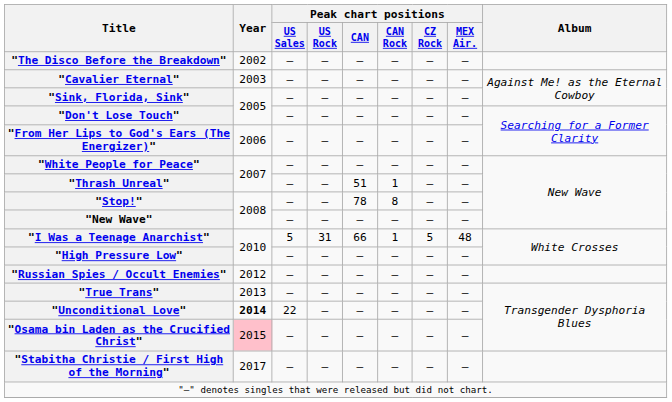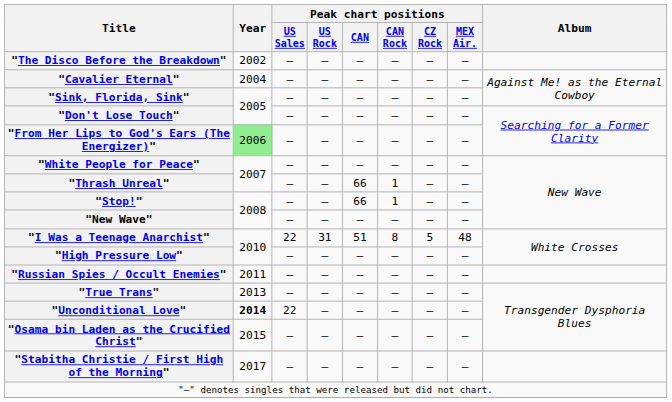 <table class="wikitable plainrowheaders" style="text-align:center;" border="1">
 <tr>
 <th scope="col" rowspan="2" style="width:20em;">Title</th>
 <th scope="col" rowspan="2" style="width:3em;">Year</th>
 <th scope="col" colspan="6">Peak chart positions</th>
 <th scope="col" rowspan="2" style="width:16em;">Album</th>
 </tr>
 <tr>
 <th style="width:3em;font-size:90%;"><a href='#'>US<br>Sales</a><br></th>
 <th style="width:3em;font-size:90%;"><a href='#'>US<br>Rock</a><br></th>
 <th style="width:3em;font-size:90%;"><a href='#'>CAN</a><br></th>
 <th style="width:3em;font-size:90%;"><a href='#'>CAN<br>Rock</a><br></th>
 <th style="width:3em;font-size:90%;"><a href='#'>CZ<br>Rock</a><br></th>
 <th style="width:3em;font-size:90%;"><a href='#'>MEX<br>Air.</a><br></th>
 </tr>
 <tr>
 <th scope="row">"<a href='#'>The Disco Before the Breakdown</a>"</th>
 <td>2002</td>
 <td>—</td>
 <td>—</td>
 <td>—</td>
 <td>—</td>
 <td>—</td>
 <td>—</td>
 <td></td>
 </tr>
 <tr>
 <th scope="row">"<a href='#'>Cavalier Eternal</a>"</th>
-<td>2003</td>
+<td>2004</td>
 <td>—</td>
 <td>—</td>
 <td>—</td>
 <td>—</td>
 <td>—</td>
 <td>—</td>
 <td rowspan="2"><em>Against Me! as the Eternal Cowboy</em></td>
 </tr>
 <tr>
 <th scope="row">"<a href='#'>Sink, Florida, Sink</a>"</th>
 <td rowspan="2">2005</td>
 <td>—</td>
 <td>—</td>
 <td>—</td>
 <td>—</td>
 <td>—</td>
 <td>—</td>
 </tr>
 <tr>
 <th scope="row">"<a href='#'>Don't Lose Touch</a>"</th>
 <td>—</td>
 <td>—</td>
 <td>—</td>
 <td>—</td>
 <td>—</td>
 <td>—</td>
 <td rowspan="2"><em><a href='#'>Searching for a Former Clarity</a></em></td>
 </tr>
 <tr>
 <th scope="row">"<a href='#'>From Her Lips to God's Ears (The Energizer)</a>"</th>
-<td>2006</td>
+<td style="background: lightgreen;">2006</td>
 <td>—</td>
 <td>—</td>
 <td>—</td>
 <td>—</td>
 <td>—</td>
 <td>—</td>
 </tr>
 <tr>
 <th scope="row">"<a href='#'>White People for Peace</a>"</th>
 <td rowspan="2">2007</td>
 <td>—</td>
 <td>—</td>
 <td>—</td>
 <td>—</td>
 <td>—</td>
 <td>—</td>
 <td rowspan="4"><em>New Wave</em></td>
 </tr>
 <tr>
 <th scope="row">"<a href='#'>Thrash Unreal</a>"</th>
 <td>—</td>
 <td>—</td>
-<td>51</td>
+<td>66</td>
 <td>1</td>
 <td>—</td>
 <td>—</td>
 </tr>
 <tr>
 <th scope="row">"<a href='#'>Stop!</a>"</th>
 <td rowspan="2">2008</td>
 <td>—</td>
 <td>—</td>
-<td>78</td>
-<td>8</td>
+<td>66</td>
+<td>1</td>
 <td>—</td>
 <td>—</td>
 </tr>
 <tr>
 <th scope="row">"New Wave"</th>
 <td>—</td>
 <td>—</td>
 <td>—</td>
 <td>—</td>
 <td>—</td>
 <td>—</td>
 </tr>
 <tr>
 <th scope="row">"<a href='#'>I Was a Teenage Anarchist</a>"</th>
 <td rowspan="2">2010</td>
-<td>5</td>
+<td>22</td>
 <td>31</td>
-<td>66</td>
-<td>1</td>
+<td>51</td>
+<td>8</td>
 <td>5</td>
 <td>48</td>
 <td rowspan="2"><em>White Crosses</em></td>
 </tr>
 <tr>
 <th scope="row">"<a href='#'>High Pressure Low</a>"</th>
 <td>—</td>
 <td>—</td>
 <td>—</td>
 <td>—</td>
 <td>—</td>
 <td>—</td>
 </tr>
 <tr>
 <th scope="row">"<a href='#'>Russian Spies / Occult Enemies</a>"</th>
-<td>2012</td>
+<td>2011</td>
 <td>—</td>
 <td>—</td>
 <td>—</td>
 <td>—</td>
 <td>—</td>
 <td>—</td>
 <td></td>
 </tr>
 <tr>
 <th scope="row">"<a href='#'>True Trans</a>"</th>
 <td>2013</td>
 <td>—</td>
 <td>—</td>
 <td>—</td>
 <td>—</td>
 <td>—</td>
 <td>—</td>
 <td rowspan="3"><em>Transgender Dysphoria Blues</em></td>
 </tr>
 <tr>
 <th scope="row">"<a href='#'>Unconditional Love</a>"</th>
 <td><strong>2014</strong></td>
 <td>22</td>
 <td>—</td>
 <td>—</td>
 <td>—</td>
 <td>—</td>
 <td>—</td>
 </tr>
 <tr>
 <th scope="row">"<a href='#'>Osama bin Laden as the Crucified Christ</a>"</th>
-<td style="background: pink;">2015</td>
+<td>2015</td>
 <td>—</td>
 <td>—</td>
 <td>—</td>
 <td>—</td>
 <td>—</td>
 <td>—</td>
 </tr>
 <tr>
 <th scope="row">"<a href='#'>Stabitha Christie / First High of the Morning</a>"</th>
 <td>2017</td>
 <td>—</td>
 <td>—</td>
 <td>—</td>
 <td>—</td>
 <td>—</td>
 <td>—</td>
 <td></td>
 </tr>
 <tr>
 <td colspan="10" style="text-align:center; font-size:8pt;">"—" denotes singles that were released but did not chart.</td>
 </tr>
 <tr>
 </tr>
 </table>
